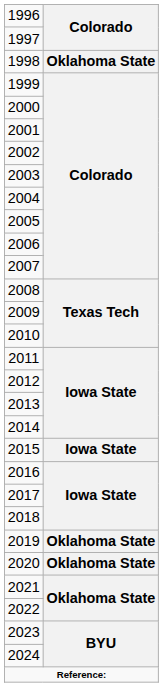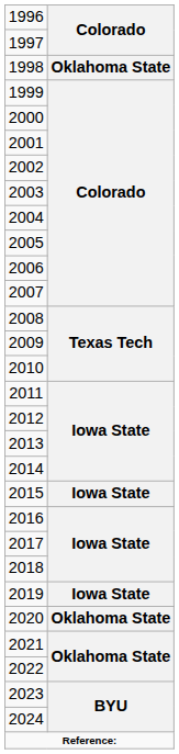 <table class="wikitable" style="text-align: center;">
 <tr>
 <td>1996</td>
 <th rowspan="2">Colorado</th>
 </tr>
 <tr>
 <td>1997</td>
 </tr>
 <tr>
 <td>1998</td>
 <th>Oklahoma State</th>
 </tr>
 <tr>
 <td>1999</td>
 <th rowspan="9">Colorado</th>
 </tr>
 <tr>
 <td>2000</td>
 </tr>
 <tr>
 <td>2001</td>
 </tr>
 <tr>
 <td>2002</td>
 </tr>
 <tr>
 <td>2003</td>
 </tr>
 <tr>
 <td>2004</td>
 </tr>
 <tr>
 <td>2005</td>
 </tr>
 <tr>
 <td>2006</td>
 </tr>
 <tr>
 <td>2007</td>
 </tr>
 <tr>
 <td>2008</td>
 <th rowspan="3">Texas Tech</th>
 </tr>
 <tr>
 <td>2009</td>
 </tr>
 <tr>
 <td>2010</td>
 </tr>
 <tr>
 <td>2011</td>
 <th rowspan="4">Iowa State</th>
 </tr>
 <tr>
 <td>2012</td>
 </tr>
 <tr>
 <td>2013</td>
 </tr>
 <tr>
 <td>2014</td>
 </tr>
 <tr>
 <td>2015</td>
 <th>Iowa State</th>
 </tr>
 <tr>
 <td>2016</td>
 <th rowspan="3">Iowa State</th>
 </tr>
 <tr>
 <td>2017</td>
 </tr>
 <tr>
 <td>2018</td>
 </tr>
 <tr>
 <td>2019</td>
-<th>Oklahoma State</th>
+<th>Iowa State</th>
 </tr>
 <tr>
 <td>2020</td>
 <th>Oklahoma State</th>
 </tr>
 <tr>
 <td>2021</td>
 <th rowspan="2">Oklahoma State</th>
 </tr>
 <tr>
 <td>2022</td>
 </tr>
 <tr>
 <td>2023</td>
 <th rowspan="2">BYU</th>
 </tr>
 <tr>
 <td>2024</td>
 </tr>
 <tr>
 <td colspan="4"  style="font-size:8pt; text-align:center;"><strong>Reference:</strong></td>
 </tr>
 </table>
